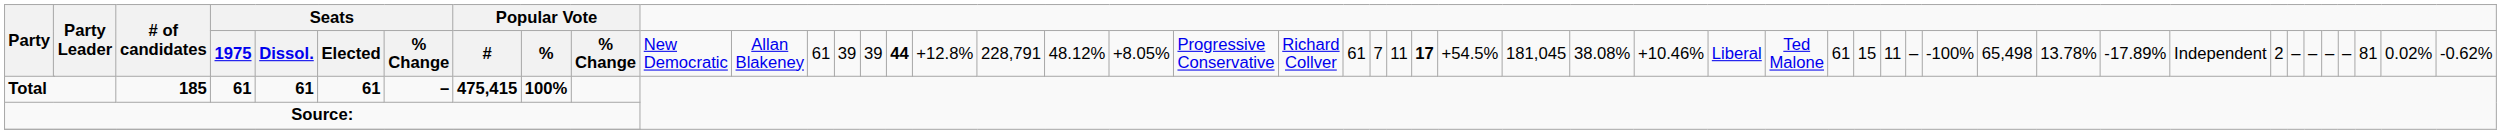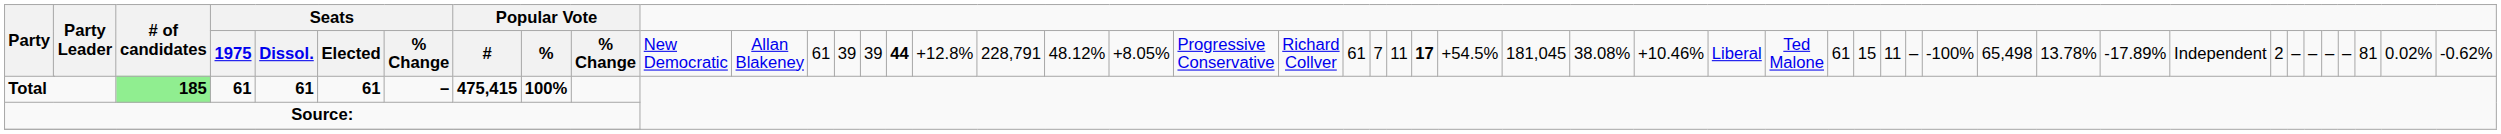 <table class="wikitable">
 <tr>
 <th rowspan=2 colspan=2>Party</th>
 <th rowspan=2>Party Leader</th>
 <th rowspan=2># of<br>candidates</th>
 <th colspan=4>Seats</th>
 <th colspan=3>Popular Vote</th>
 </tr>
 <tr>
 <th><a href='#'>1975</a></th>
 <th><a href='#'><span>Dissol.</span></a></th>
 <th>Elected</th>
 <th>% Change</th>
 <th>#</th>
 <th>%</th>
 <th>% Change<br></th>
 <td><a href='#'>New Democratic</a></td>
 <td align="center"><a href='#'>Allan Blakeney</a></td>
 <td align="right">61</td>
 <td align="right">39</td>
 <td align="right">39</td>
 <td align="right"><strong>44</strong></td>
 <td align="right">+12.8%</td>
 <td align="right">228,791</td>
 <td align="right">48.12%</td>
 <td align="right">+8.05%<br></td>
 <td><a href='#'>Progressive Conservative</a></td>
 <td align="center"><a href='#'>Richard Collver</a></td>
 <td align="right">61</td>
 <td align="right">7</td>
 <td align="right">11</td>
 <td align="right"><strong>17</strong></td>
 <td align="right">+54.5%</td>
 <td align="right">181,045</td>
 <td align="right">38.08%</td>
 <td align="right">+10.46%<br></td>
 <td><a href='#'>Liberal</a></td>
 <td align="center"><a href='#'>Ted Malone</a></td>
 <td align="right">61</td>
 <td align="right">15</td>
 <td align="right">11</td>
 <td align="right">–</td>
 <td align="right">-100%</td>
 <td align="right">65,498</td>
 <td align="right">13.78%</td>
 <td align="right">-17.89%<br></td>
 <td colspan=2>Independent</td>
 <td align="right">2</td>
 <td align="right">–</td>
 <td align="right">–</td>
 <td align="right">–</td>
 <td align="right">–</td>
 <td align="right">81</td>
 <td align="right">0.02%</td>
 <td align="right">-0.62%</td>
 </tr>
 <tr>
 <td colspan=3><strong>Total</strong></td>
-<td align="right"><strong>185</strong></td>
+<td align="right" style="background: lightgreen;"><strong>185</strong></td>
 <td align="right"><strong>61</strong></td>
 <td align="right"><strong>61</strong></td>
 <td align="right"><strong>61</strong></td>
 <td align="right"><strong>–</strong></td>
 <td align="right"><strong>475,415</strong></td>
 <td align="right"><strong>100%</strong></td>
 <td align="right"> </td>
 </tr>
 <tr>
 <td align="center" colspan=11><strong>Source:</strong> </td>
 </tr>
 <tr>
 </tr>
 </table>
